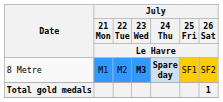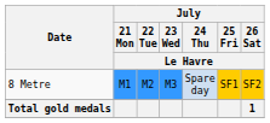 <table class="wikitable" style="margin:0.5em auto; font-size:90%; line-height:1.25em;">
 <tr>
 <th rowspan=3>Date</th>
 <th colspan=6>July</th>
 </tr>
 <tr>
 <th>21<br>Mon</th>
 <th>22<br>Tue</th>
 <th>23<br>Wed</th>
 <th>24<br>Thu</th>
 <th>25<br>Fri</th>
 <th>26<br>Sat</th>
 </tr>
 <tr>
 <th colspan=6>Le Havre</th>
 </tr>
 <tr align="center">
 <td align="left">8 Metre</td>
 <td bgcolor=#3399ff><span>M1</span></td>
 <td bgcolor=#3399ff><span>M2</span></td>
-<td bgcolor=#3399ff><strong><span>M3</span></strong></td>
-<td bgcolor=#cedff2><strong>Spare<br>day</strong></td>
+<td bgcolor=#3399ff><span>M3</span></td>
+<td bgcolor=#cedff2>Spare<br>day</td>
 <td bgcolor=#ffcc00><span>SF1</span></td>
 <td bgcolor=#ffcc00><span>SF2</span></td>
 </tr>
 <tr align="center">
 </tr>
 <tr>
 <th>Total gold medals</th>
 <th></th>
 <th></th>
 <th></th>
 <th></th>
 <th></th>
 <th>1</th>
 </tr>
 <tr>
 </tr>
 </table>
